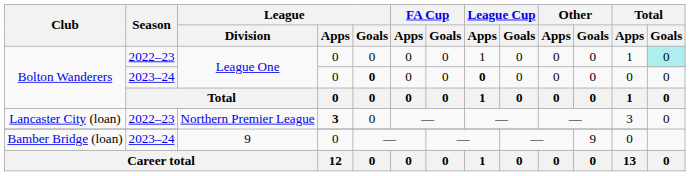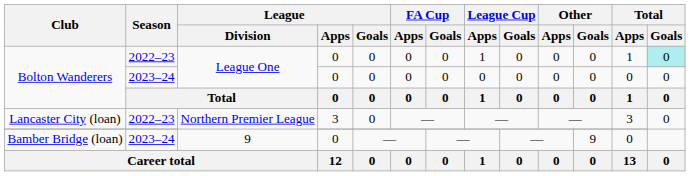 <table class="wikitable" style="text-align: center">
 <tr>
 <th rowspan="2">Club</th>
 <th rowspan="2">Season</th>
 <th colspan="3">League</th>
 <th colspan="2"><a href='#'>FA Cup</a></th>
 <th colspan="2"><a href='#'>League Cup</a></th>
 <th colspan="2">Other</th>
 <th colspan="2">Total</th>
 </tr>
 <tr>
 <th>Division</th>
 <th>Apps</th>
 <th>Goals</th>
 <th>Apps</th>
 <th>Goals</th>
 <th>Apps</th>
 <th>Goals</th>
 <th>Apps</th>
 <th>Goals</th>
 <th>Apps</th>
 <th>Goals</th>
 </tr>
 <tr>
 <td rowspan="3"><a href='#'>Bolton Wanderers</a></td>
 <td><a href='#'>2022–23</a></td>
 <td rowspan="2"><a href='#'>League One</a></td>
 <td>0</td>
 <td>0</td>
 <td>0</td>
 <td>0</td>
 <td>1</td>
 <td>0</td>
 <td>0</td>
 <td>0</td>
 <td>1</td>
 <td style="background: paleturquoise;">0</td>
 </tr>
 <tr>
 <td><a href='#'>2023–24</a></td>
 <td>0</td>
-<td><strong>0</strong></td>
 <td>0</td>
 <td>0</td>
-<td><strong>0</strong></td>
+<td>0</td>
+<td>0</td>
 <td>0</td>
 <td>0</td>
 <td>0</td>
 <td>0</td>
 <td>0</td>
 </tr>
 <tr>
 <th colspan=2>Total</th>
 <th>0</th>
 <th>0</th>
 <th>0</th>
 <th>0</th>
 <th>1</th>
 <th>0</th>
 <th>0</th>
 <th>0</th>
 <th>1</th>
 <th>0</th>
 </tr>
 <tr>
 <td><a href='#'>Lancaster City</a> (loan)</td>
 <td><a href='#'>2022–23</a></td>
 <td rowspan="2"><a href='#'>Northern Premier League</a></td>
-<td><strong>3</strong></td>
+<td>3</td>
 <td>0</td>
 <td colspan=2>—</td>
 <td colspan=2>—</td>
 <td colspan=2>—</td>
 <td>3</td>
 <td>0</td>
 </tr>
 <tr>
 </tr>
 <tr>
 <td><a href='#'>Bamber Bridge</a> (loan)</td>
 <td><a href='#'>2023–24</a></td>
 <td>9</td>
 <td>0</td>
 <td colspan=2>—</td>
 <td colspan=2>—</td>
 <td colspan=2>—</td>
 <td>9</td>
 <td>0</td>
 </tr>
 <tr>
 <th colspan="3">Career total</th>
 <th>12</th>
 <th>0</th>
 <th>0</th>
 <th>0</th>
 <th>1</th>
 <th>0</th>
 <th>0</th>
 <th>0</th>
 <th>13</th>
 <th>0</th>
 </tr>
 </table>
